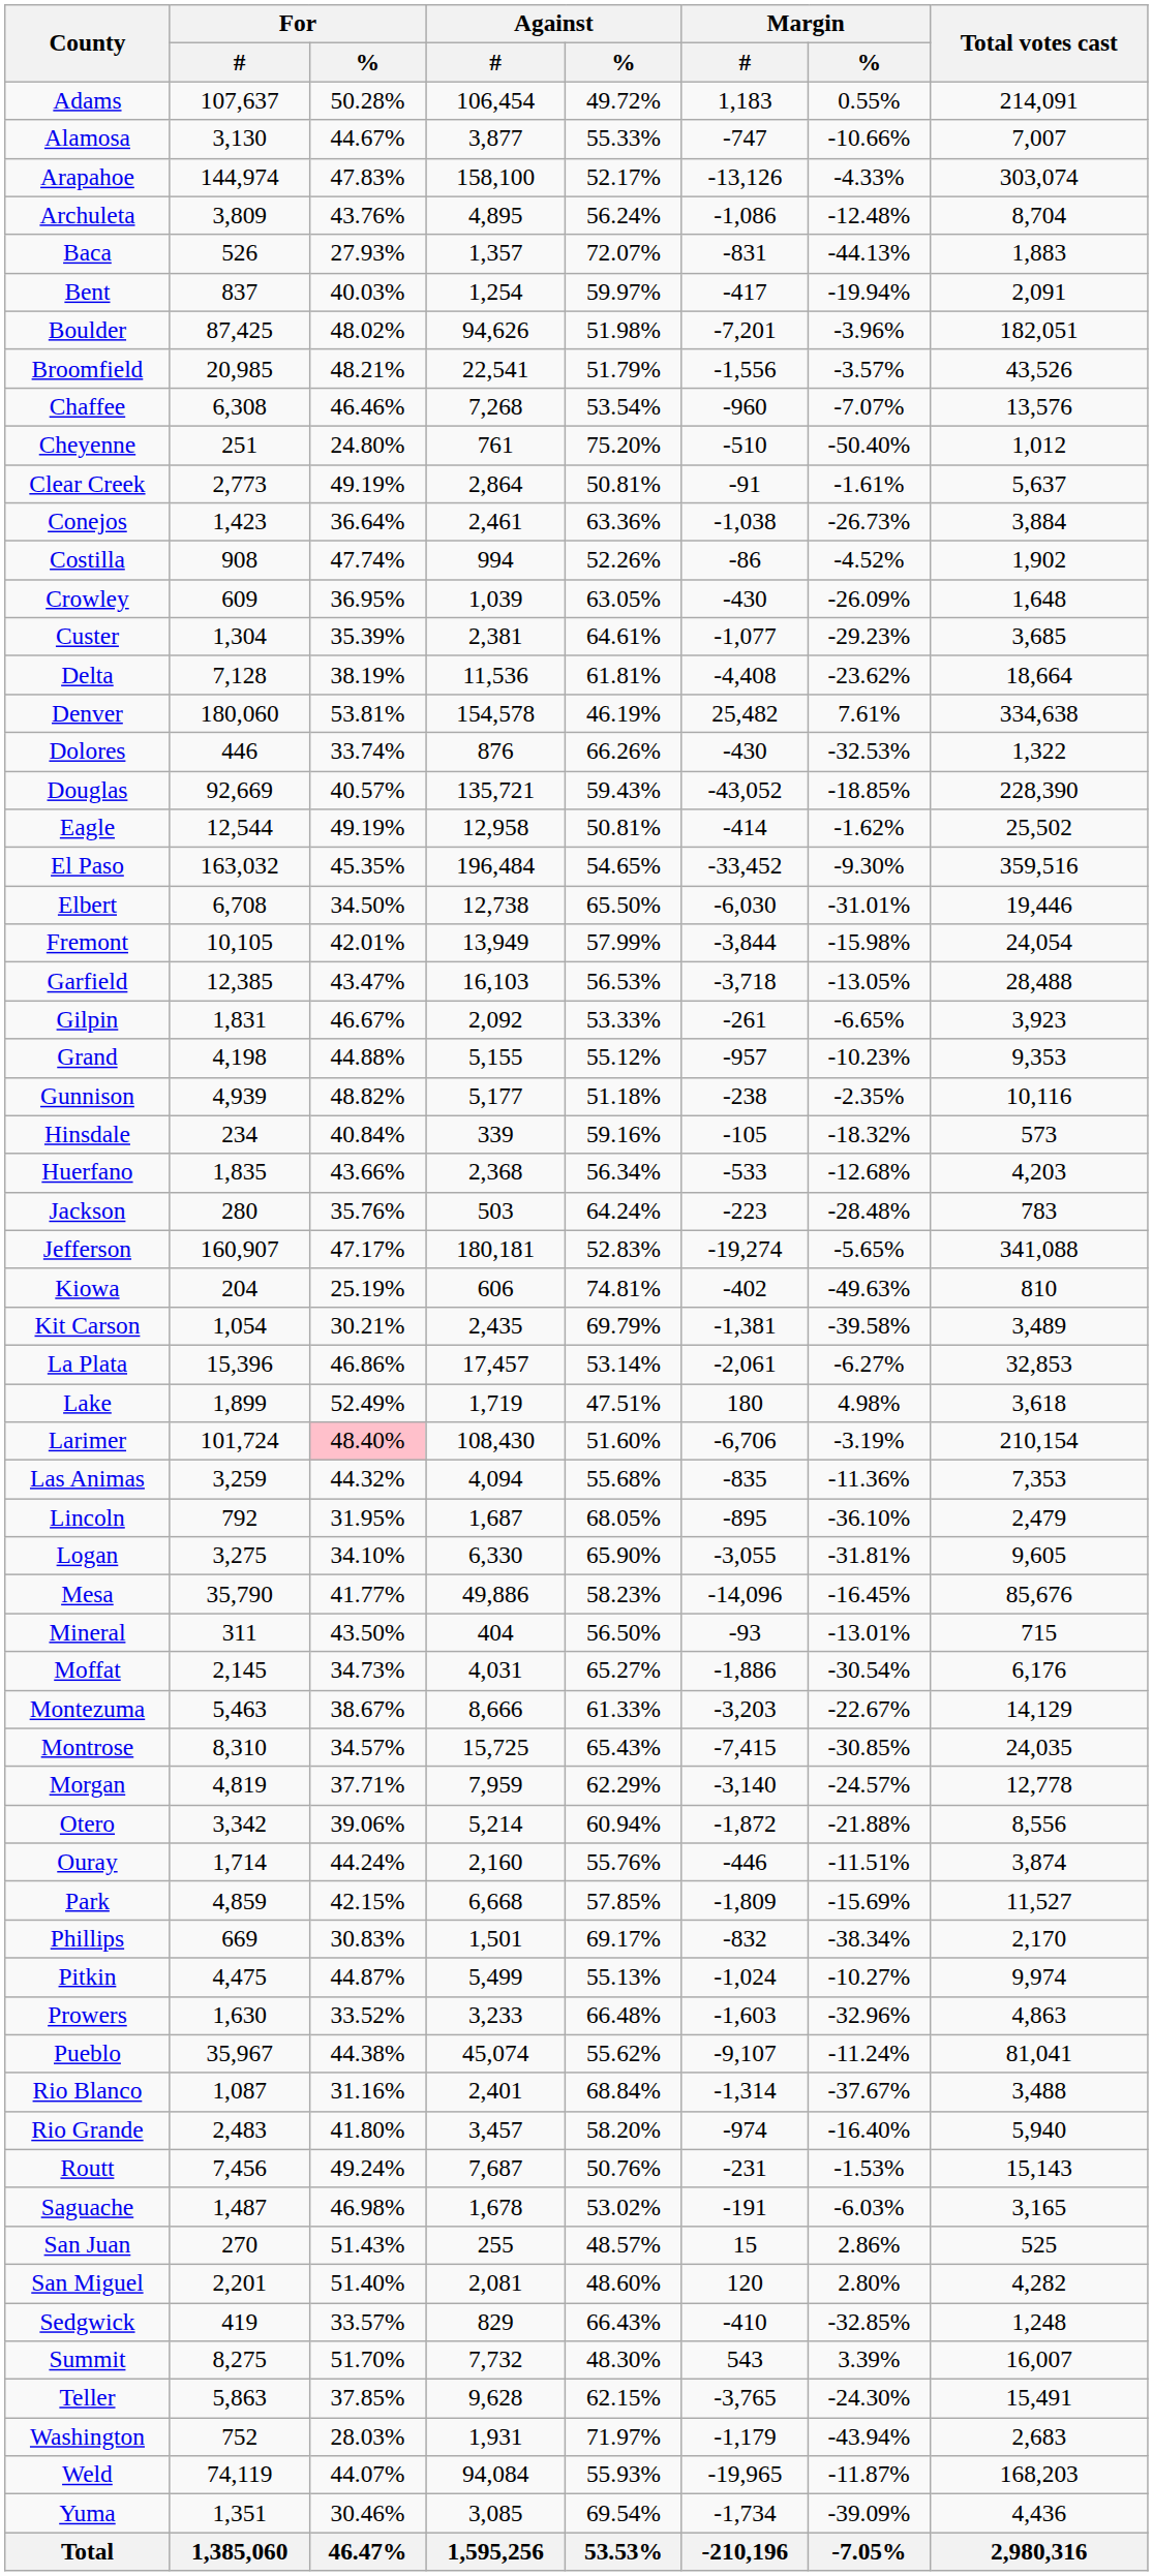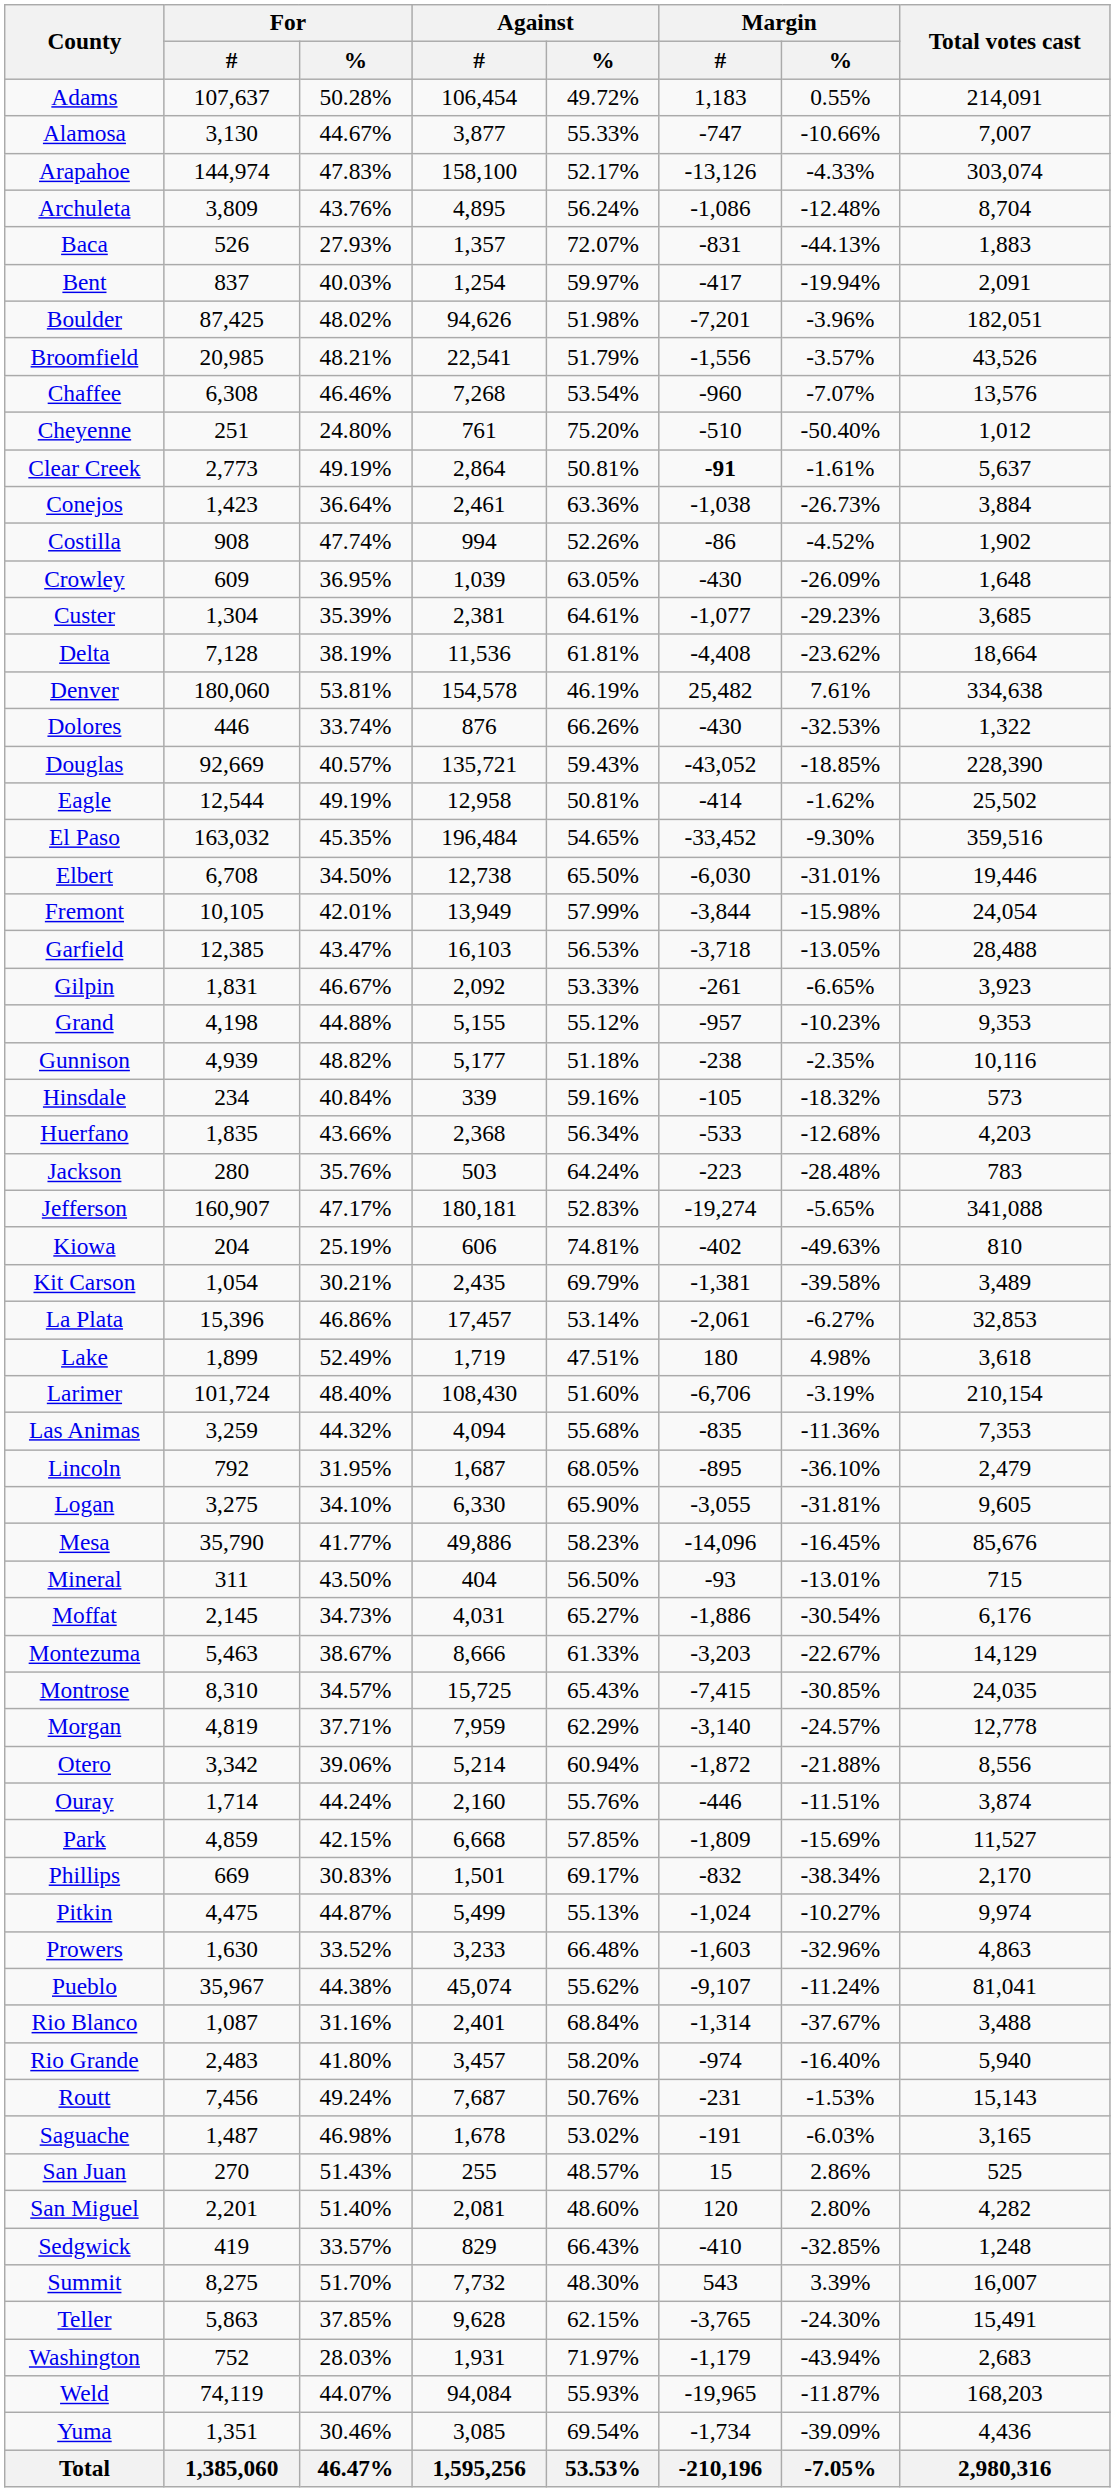 <table width="60%"  class="wikitable sortable" style="text-align:center">
 <tr>
 <th style="text-align:center;" rowspan="2">County</th>
 <th style="text-align:center;" colspan="2">For</th>
 <th style="text-align:center;" colspan="2">Against</th>
 <th style="text-align:center;" colspan="2">Margin</th>
 <th style="text-align:center;" rowspan="2">Total votes cast</th>
 </tr>
 <tr>
 <th style="text-align:center;" data-sort-type="number">#</th>
 <th style="text-align:center;" data-sort-type="number">%</th>
 <th style="text-align:center;" data-sort-type="number">#</th>
 <th style="text-align:center;" data-sort-type="number">%</th>
 <th style="text-align:center;" data-sort-type="number">#</th>
 <th style="text-align:center;" data-sort-type="number">%</th>
 </tr>
 <tr style="text-align:center;">
 <td><a href='#'>Adams</a></td>
 <td>107,637</td>
 <td>50.28%</td>
 <td>106,454</td>
 <td>49.72%</td>
 <td>1,183</td>
 <td>0.55%</td>
 <td>214,091</td>
 </tr>
 <tr style="text-align:center;">
 <td><a href='#'>Alamosa</a></td>
 <td>3,130</td>
 <td>44.67%</td>
 <td>3,877</td>
 <td>55.33%</td>
 <td>-747</td>
 <td>-10.66%</td>
 <td>7,007</td>
 </tr>
 <tr style="text-align:center;">
 <td><a href='#'>Arapahoe</a></td>
 <td>144,974</td>
 <td>47.83%</td>
 <td>158,100</td>
 <td>52.17%</td>
 <td>-13,126</td>
 <td>-4.33%</td>
 <td>303,074</td>
 </tr>
 <tr style="text-align:center;">
 <td><a href='#'>Archuleta</a></td>
 <td>3,809</td>
 <td>43.76%</td>
 <td>4,895</td>
 <td>56.24%</td>
 <td>-1,086</td>
 <td>-12.48%</td>
 <td>8,704</td>
 </tr>
 <tr style="text-align:center;">
 <td><a href='#'>Baca</a></td>
 <td>526</td>
 <td>27.93%</td>
 <td>1,357</td>
 <td>72.07%</td>
 <td>-831</td>
 <td>-44.13%</td>
 <td>1,883</td>
 </tr>
 <tr style="text-align:center;">
 <td><a href='#'>Bent</a></td>
 <td>837</td>
 <td>40.03%</td>
 <td>1,254</td>
 <td>59.97%</td>
 <td>-417</td>
 <td>-19.94%</td>
 <td>2,091</td>
 </tr>
 <tr style="text-align:center;">
 <td><a href='#'>Boulder</a></td>
 <td>87,425</td>
 <td>48.02%</td>
 <td>94,626</td>
 <td>51.98%</td>
 <td>-7,201</td>
 <td>-3.96%</td>
 <td>182,051</td>
 </tr>
 <tr style="text-align:center;">
 <td><a href='#'>Broomfield</a></td>
 <td>20,985</td>
 <td>48.21%</td>
 <td>22,541</td>
 <td>51.79%</td>
 <td>-1,556</td>
 <td>-3.57%</td>
 <td>43,526</td>
 </tr>
 <tr style="text-align:center;">
 <td><a href='#'>Chaffee</a></td>
 <td>6,308</td>
 <td>46.46%</td>
 <td>7,268</td>
 <td>53.54%</td>
 <td>-960</td>
 <td>-7.07%</td>
 <td>13,576</td>
 </tr>
 <tr style="text-align:center;">
 <td><a href='#'>Cheyenne</a></td>
 <td>251</td>
 <td>24.80%</td>
 <td>761</td>
 <td>75.20%</td>
 <td>-510</td>
 <td>-50.40%</td>
 <td>1,012</td>
 </tr>
 <tr style="text-align:center;">
 <td><a href='#'>Clear Creek</a></td>
 <td>2,773</td>
 <td>49.19%</td>
 <td>2,864</td>
 <td>50.81%</td>
-<td>-91</td>
+<td><strong>-91</strong></td>
 <td>-1.61%</td>
 <td>5,637</td>
 </tr>
 <tr style="text-align:center;">
 <td><a href='#'>Conejos</a></td>
 <td>1,423</td>
 <td>36.64%</td>
 <td>2,461</td>
 <td>63.36%</td>
 <td>-1,038</td>
 <td>-26.73%</td>
 <td>3,884</td>
 </tr>
 <tr style="text-align:center;">
 <td><a href='#'>Costilla</a></td>
 <td>908</td>
 <td>47.74%</td>
 <td>994</td>
 <td>52.26%</td>
 <td>-86</td>
 <td>-4.52%</td>
 <td>1,902</td>
 </tr>
 <tr style="text-align:center;">
 <td><a href='#'>Crowley</a></td>
 <td>609</td>
 <td>36.95%</td>
 <td>1,039</td>
 <td>63.05%</td>
 <td>-430</td>
 <td>-26.09%</td>
 <td>1,648</td>
 </tr>
 <tr style="text-align:center;">
 <td><a href='#'>Custer</a></td>
 <td>1,304</td>
 <td>35.39%</td>
 <td>2,381</td>
 <td>64.61%</td>
 <td>-1,077</td>
 <td>-29.23%</td>
 <td>3,685</td>
 </tr>
 <tr style="text-align:center;">
 <td><a href='#'>Delta</a></td>
 <td>7,128</td>
 <td>38.19%</td>
 <td>11,536</td>
 <td>61.81%</td>
 <td>-4,408</td>
 <td>-23.62%</td>
 <td>18,664</td>
 </tr>
 <tr style="text-align:center;">
 <td><a href='#'>Denver</a></td>
 <td>180,060</td>
 <td>53.81%</td>
 <td>154,578</td>
 <td>46.19%</td>
 <td>25,482</td>
 <td>7.61%</td>
 <td>334,638</td>
 </tr>
 <tr style="text-align:center;">
 <td><a href='#'>Dolores</a></td>
 <td>446</td>
 <td>33.74%</td>
 <td>876</td>
 <td>66.26%</td>
 <td>-430</td>
 <td>-32.53%</td>
 <td>1,322</td>
 </tr>
 <tr style="text-align:center;">
 <td><a href='#'>Douglas</a></td>
 <td>92,669</td>
 <td>40.57%</td>
 <td>135,721</td>
 <td>59.43%</td>
 <td>-43,052</td>
 <td>-18.85%</td>
 <td>228,390</td>
 </tr>
 <tr style="text-align:center;">
 <td><a href='#'>Eagle</a></td>
 <td>12,544</td>
 <td>49.19%</td>
 <td>12,958</td>
 <td>50.81%</td>
 <td>-414</td>
 <td>-1.62%</td>
 <td>25,502</td>
 </tr>
 <tr style="text-align:center;">
 <td><a href='#'>El Paso</a></td>
 <td>163,032</td>
 <td>45.35%</td>
 <td>196,484</td>
 <td>54.65%</td>
 <td>-33,452</td>
 <td>-9.30%</td>
 <td>359,516</td>
 </tr>
 <tr style="text-align:center;">
 <td><a href='#'>Elbert</a></td>
 <td>6,708</td>
 <td>34.50%</td>
 <td>12,738</td>
 <td>65.50%</td>
 <td>-6,030</td>
 <td>-31.01%</td>
 <td>19,446</td>
 </tr>
 <tr style="text-align:center;">
 <td><a href='#'>Fremont</a></td>
 <td>10,105</td>
 <td>42.01%</td>
 <td>13,949</td>
 <td>57.99%</td>
 <td>-3,844</td>
 <td>-15.98%</td>
 <td>24,054</td>
 </tr>
 <tr style="text-align:center;">
 <td><a href='#'>Garfield</a></td>
 <td>12,385</td>
 <td>43.47%</td>
 <td>16,103</td>
 <td>56.53%</td>
 <td>-3,718</td>
 <td>-13.05%</td>
 <td>28,488</td>
 </tr>
 <tr style="text-align:center;">
 <td><a href='#'>Gilpin</a></td>
 <td>1,831</td>
 <td>46.67%</td>
 <td>2,092</td>
 <td>53.33%</td>
 <td>-261</td>
 <td>-6.65%</td>
 <td>3,923</td>
 </tr>
 <tr style="text-align:center;">
 <td><a href='#'>Grand</a></td>
 <td>4,198</td>
 <td>44.88%</td>
 <td>5,155</td>
 <td>55.12%</td>
 <td>-957</td>
 <td>-10.23%</td>
 <td>9,353</td>
 </tr>
 <tr style="text-align:center;">
 <td><a href='#'>Gunnison</a></td>
 <td>4,939</td>
 <td>48.82%</td>
 <td>5,177</td>
 <td>51.18%</td>
 <td>-238</td>
 <td>-2.35%</td>
 <td>10,116</td>
 </tr>
 <tr style="text-align:center;">
 <td><a href='#'>Hinsdale</a></td>
 <td>234</td>
 <td>40.84%</td>
 <td>339</td>
 <td>59.16%</td>
 <td>-105</td>
 <td>-18.32%</td>
 <td>573</td>
 </tr>
 <tr style="text-align:center;">
 <td><a href='#'>Huerfano</a></td>
 <td>1,835</td>
 <td>43.66%</td>
 <td>2,368</td>
 <td>56.34%</td>
 <td>-533</td>
 <td>-12.68%</td>
 <td>4,203</td>
 </tr>
 <tr style="text-align:center;">
 <td><a href='#'>Jackson</a></td>
 <td>280</td>
 <td>35.76%</td>
 <td>503</td>
 <td>64.24%</td>
 <td>-223</td>
 <td>-28.48%</td>
 <td>783</td>
 </tr>
 <tr style="text-align:center;">
 <td><a href='#'>Jefferson</a></td>
 <td>160,907</td>
 <td>47.17%</td>
 <td>180,181</td>
 <td>52.83%</td>
 <td>-19,274</td>
 <td>-5.65%</td>
 <td>341,088</td>
 </tr>
 <tr style="text-align:center;">
 <td><a href='#'>Kiowa</a></td>
 <td>204</td>
 <td>25.19%</td>
 <td>606</td>
 <td>74.81%</td>
 <td>-402</td>
 <td>-49.63%</td>
 <td>810</td>
 </tr>
 <tr style="text-align:center;">
 <td><a href='#'>Kit Carson</a></td>
 <td>1,054</td>
 <td>30.21%</td>
 <td>2,435</td>
 <td>69.79%</td>
 <td>-1,381</td>
 <td>-39.58%</td>
 <td>3,489</td>
 </tr>
 <tr style="text-align:center;">
 <td><a href='#'>La Plata</a></td>
 <td>15,396</td>
 <td>46.86%</td>
 <td>17,457</td>
 <td>53.14%</td>
 <td>-2,061</td>
 <td>-6.27%</td>
 <td>32,853</td>
 </tr>
 <tr style="text-align:center;">
 <td><a href='#'>Lake</a></td>
 <td>1,899</td>
 <td>52.49%</td>
 <td>1,719</td>
 <td>47.51%</td>
 <td>180</td>
 <td>4.98%</td>
 <td>3,618</td>
 </tr>
 <tr style="text-align:center;">
 <td><a href='#'>Larimer</a></td>
 <td>101,724</td>
-<td style="background: pink;">48.40%</td>
+<td>48.40%</td>
 <td>108,430</td>
 <td>51.60%</td>
 <td>-6,706</td>
 <td>-3.19%</td>
 <td>210,154</td>
 </tr>
 <tr style="text-align:center;">
 <td><a href='#'>Las Animas</a></td>
 <td>3,259</td>
 <td>44.32%</td>
 <td>4,094</td>
 <td>55.68%</td>
 <td>-835</td>
 <td>-11.36%</td>
 <td>7,353</td>
 </tr>
 <tr style="text-align:center;">
 <td><a href='#'>Lincoln</a></td>
 <td>792</td>
 <td>31.95%</td>
 <td>1,687</td>
 <td>68.05%</td>
 <td>-895</td>
 <td>-36.10%</td>
 <td>2,479</td>
 </tr>
 <tr style="text-align:center;">
 <td><a href='#'>Logan</a></td>
 <td>3,275</td>
 <td>34.10%</td>
 <td>6,330</td>
 <td>65.90%</td>
 <td>-3,055</td>
 <td>-31.81%</td>
 <td>9,605</td>
 </tr>
 <tr style="text-align:center;">
 <td><a href='#'>Mesa</a></td>
 <td>35,790</td>
 <td>41.77%</td>
 <td>49,886</td>
 <td>58.23%</td>
 <td>-14,096</td>
 <td>-16.45%</td>
 <td>85,676</td>
 </tr>
 <tr style="text-align:center;">
 <td><a href='#'>Mineral</a></td>
 <td>311</td>
 <td>43.50%</td>
 <td>404</td>
 <td>56.50%</td>
 <td>-93</td>
 <td>-13.01%</td>
 <td>715</td>
 </tr>
 <tr style="text-align:center;">
 <td><a href='#'>Moffat</a></td>
 <td>2,145</td>
 <td>34.73%</td>
 <td>4,031</td>
 <td>65.27%</td>
 <td>-1,886</td>
 <td>-30.54%</td>
 <td>6,176</td>
 </tr>
 <tr style="text-align:center;">
 <td><a href='#'>Montezuma</a></td>
 <td>5,463</td>
 <td>38.67%</td>
 <td>8,666</td>
 <td>61.33%</td>
 <td>-3,203</td>
 <td>-22.67%</td>
 <td>14,129</td>
 </tr>
 <tr style="text-align:center;">
 <td><a href='#'>Montrose</a></td>
 <td>8,310</td>
 <td>34.57%</td>
 <td>15,725</td>
 <td>65.43%</td>
 <td>-7,415</td>
 <td>-30.85%</td>
 <td>24,035</td>
 </tr>
 <tr style="text-align:center;">
 <td><a href='#'>Morgan</a></td>
 <td>4,819</td>
 <td>37.71%</td>
 <td>7,959</td>
 <td>62.29%</td>
 <td>-3,140</td>
 <td>-24.57%</td>
 <td>12,778</td>
 </tr>
 <tr style="text-align:center;">
 <td><a href='#'>Otero</a></td>
 <td>3,342</td>
 <td>39.06%</td>
 <td>5,214</td>
 <td>60.94%</td>
 <td>-1,872</td>
 <td>-21.88%</td>
 <td>8,556</td>
 </tr>
 <tr style="text-align:center;">
 <td><a href='#'>Ouray</a></td>
 <td>1,714</td>
 <td>44.24%</td>
 <td>2,160</td>
 <td>55.76%</td>
 <td>-446</td>
 <td>-11.51%</td>
 <td>3,874</td>
 </tr>
 <tr style="text-align:center;">
 <td><a href='#'>Park</a></td>
 <td>4,859</td>
 <td>42.15%</td>
 <td>6,668</td>
 <td>57.85%</td>
 <td>-1,809</td>
 <td>-15.69%</td>
 <td>11,527</td>
 </tr>
 <tr style="text-align:center;">
 <td><a href='#'>Phillips</a></td>
 <td>669</td>
 <td>30.83%</td>
 <td>1,501</td>
 <td>69.17%</td>
 <td>-832</td>
 <td>-38.34%</td>
 <td>2,170</td>
 </tr>
 <tr style="text-align:center;">
 <td><a href='#'>Pitkin</a></td>
 <td>4,475</td>
 <td>44.87%</td>
 <td>5,499</td>
 <td>55.13%</td>
 <td>-1,024</td>
 <td>-10.27%</td>
 <td>9,974</td>
 </tr>
 <tr style="text-align:center;">
 <td><a href='#'>Prowers</a></td>
 <td>1,630</td>
 <td>33.52%</td>
 <td>3,233</td>
 <td>66.48%</td>
 <td>-1,603</td>
 <td>-32.96%</td>
 <td>4,863</td>
 </tr>
 <tr style="text-align:center;">
 <td><a href='#'>Pueblo</a></td>
 <td>35,967</td>
 <td>44.38%</td>
 <td>45,074</td>
 <td>55.62%</td>
 <td>-9,107</td>
 <td>-11.24%</td>
 <td>81,041</td>
 </tr>
 <tr style="text-align:center;">
 <td><a href='#'>Rio Blanco</a></td>
 <td>1,087</td>
 <td>31.16%</td>
 <td>2,401</td>
 <td>68.84%</td>
 <td>-1,314</td>
 <td>-37.67%</td>
 <td>3,488</td>
 </tr>
 <tr style="text-align:center;">
 <td><a href='#'>Rio Grande</a></td>
 <td>2,483</td>
 <td>41.80%</td>
 <td>3,457</td>
 <td>58.20%</td>
 <td>-974</td>
 <td>-16.40%</td>
 <td>5,940</td>
 </tr>
 <tr style="text-align:center;">
 <td><a href='#'>Routt</a></td>
 <td>7,456</td>
 <td>49.24%</td>
 <td>7,687</td>
 <td>50.76%</td>
 <td>-231</td>
 <td>-1.53%</td>
 <td>15,143</td>
 </tr>
 <tr style="text-align:center;">
 <td><a href='#'>Saguache</a></td>
 <td>1,487</td>
 <td>46.98%</td>
 <td>1,678</td>
 <td>53.02%</td>
 <td>-191</td>
 <td>-6.03%</td>
 <td>3,165</td>
 </tr>
 <tr style="text-align:center;">
 <td><a href='#'>San Juan</a></td>
 <td>270</td>
 <td>51.43%</td>
 <td>255</td>
 <td>48.57%</td>
 <td>15</td>
 <td>2.86%</td>
 <td>525</td>
 </tr>
 <tr style="text-align:center;">
 <td><a href='#'>San Miguel</a></td>
 <td>2,201</td>
 <td>51.40%</td>
 <td>2,081</td>
 <td>48.60%</td>
 <td>120</td>
 <td>2.80%</td>
 <td>4,282</td>
 </tr>
 <tr style="text-align:center;">
 <td><a href='#'>Sedgwick</a></td>
 <td>419</td>
 <td>33.57%</td>
 <td>829</td>
 <td>66.43%</td>
 <td>-410</td>
 <td>-32.85%</td>
 <td>1,248</td>
 </tr>
 <tr style="text-align:center;">
 <td><a href='#'>Summit</a></td>
 <td>8,275</td>
 <td>51.70%</td>
 <td>7,732</td>
 <td>48.30%</td>
 <td>543</td>
 <td>3.39%</td>
 <td>16,007</td>
 </tr>
 <tr style="text-align:center;">
 <td><a href='#'>Teller</a></td>
 <td>5,863</td>
 <td>37.85%</td>
 <td>9,628</td>
 <td>62.15%</td>
 <td>-3,765</td>
 <td>-24.30%</td>
 <td>15,491</td>
 </tr>
 <tr style="text-align:center;">
 <td><a href='#'>Washington</a></td>
 <td>752</td>
 <td>28.03%</td>
 <td>1,931</td>
 <td>71.97%</td>
 <td>-1,179</td>
 <td>-43.94%</td>
 <td>2,683</td>
 </tr>
 <tr style="text-align:center;">
 <td><a href='#'>Weld</a></td>
 <td>74,119</td>
 <td>44.07%</td>
 <td>94,084</td>
 <td>55.93%</td>
 <td>-19,965</td>
 <td>-11.87%</td>
 <td>168,203</td>
 </tr>
 <tr style="text-align:center;">
 <td><a href='#'>Yuma</a></td>
 <td>1,351</td>
 <td>30.46%</td>
 <td>3,085</td>
 <td>69.54%</td>
 <td>-1,734</td>
 <td>-39.09%</td>
 <td>4,436</td>
 </tr>
 <tr>
 <th>Total</th>
 <th>1,385,060</th>
 <th>46.47%</th>
 <th>1,595,256</th>
 <th>53.53%</th>
 <th>-210,196</th>
 <th>-7.05%</th>
 <th>2,980,316</th>
 </tr>
 </table>
